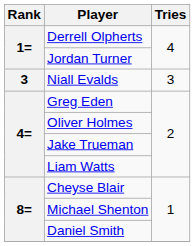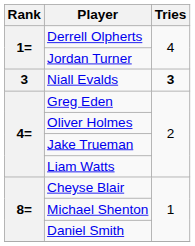 <table class="wikitable" style="text-align:center">
 <tr>
 <th>Rank</th>
 <th>Player</th>
 <th>Tries</th>
 </tr>
 <tr>
 <th Rowspan=2>1=</th>
 <td align="left"> <a href='#'>Derrell Olpherts</a></td>
 <td Rowspan=2>4</td>
 </tr>
 <tr>
 <td align="left"> <a href='#'>Jordan Turner</a></td>
 </tr>
 <tr>
 <th>3</th>
 <td align="left"> <a href='#'>Niall Evalds</a></td>
-<td>3</td>
+<td><strong>3</strong></td>
 </tr>
 <tr>
 <th Rowspan=4>4=</th>
 <td align="left"> <a href='#'>Greg Eden</a></td>
 <td rowspan=4>2</td>
 </tr>
 <tr>
 <td align="left"> <a href='#'>Oliver Holmes</a></td>
 </tr>
 <tr>
 <td align="left"> <a href='#'>Jake Trueman</a></td>
 </tr>
 <tr>
 <td align="left"> <a href='#'>Liam Watts</a></td>
 </tr>
 <tr>
 <th Rowspan=3>8=</th>
 <td align="left"> <a href='#'>Cheyse Blair</a></td>
 <td Rowspan=3>1</td>
 </tr>
 <tr>
 <td align="left"> <a href='#'>Michael Shenton</a></td>
 </tr>
 <tr>
 <td align="left"> <a href='#'>Daniel Smith</a></td>
 </tr>
 <tr>
 </tr>
 </table>
